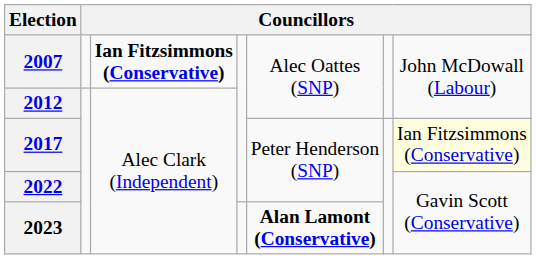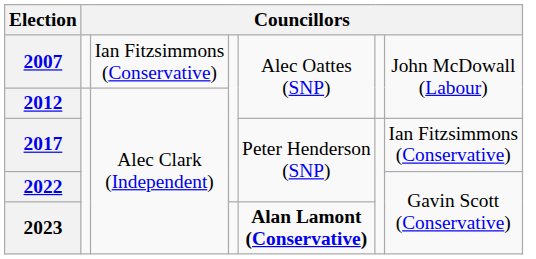 <table class="wikitable" style="text-align:center">
 <tr>
 <th>Election</th>
 <th colspan=8>Councillors</th>
 </tr>
 <tr>
 <th><a href='#'>2007</a></th>
 <td style="background-color: "></td>
-<td><strong>Ian Fitzsimmons<br>(<a href='#'>Conservative</a>)</strong></td>
+<td>Ian Fitzsimmons<br>(<a href='#'>Conservative</a>)</td>
 <td rowspan=4; style="background-color: "></td>
 <td rowspan=2>Alec Oattes<br>(<a href='#'>SNP</a>)</td>
 <td rowspan=2; style="background-color: "></td>
 <td rowspan=2>John McDowall<br>(<a href='#'>Labour</a>)</td>
 </tr>
 <tr>
 <th><a href='#'>2012</a></th>
 <td rowspan=4; style="background-color: "></td>
 <td rowspan=4>Alec Clark<br>(<a href='#'>Independent</a>)</td>
 </tr>
 <tr>
 <th><a href='#'>2017</a></th>
 <td rowspan=2>Peter Henderson<br>(<a href='#'>SNP</a>)</td>
 <td rowspan=3; style="background-color: "></td>
-<td style="background: lightyellow;">Ian Fitzsimmons<br>(<a href='#'>Conservative</a>)</td>
+<td>Ian Fitzsimmons<br>(<a href='#'>Conservative</a>)</td>
 </tr>
 <tr>
 <th><a href='#'>2022</a></th>
 <td rowspan=2>Gavin Scott<br>(<a href='#'>Conservative</a>)</td>
 </tr>
 <tr>
 <th>2023</th>
 <td style="background-color: "></td>
 <td><strong>Alan Lamont<br>(<a href='#'>Conservative</a>)</strong></td>
 </tr>
 </table>
